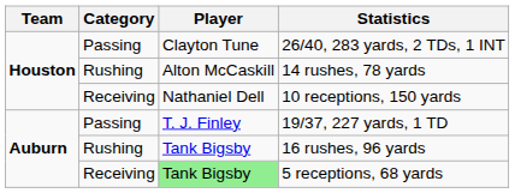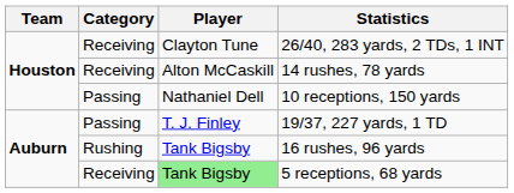 <table class="wikitable" style="float: left;">
 <tr>
 <th>Team</th>
 <th>Category</th>
 <th>Player</th>
 <th>Statistics</th>
 </tr>
 <tr>
 <td rowspan=3><strong>Houston</strong></td>
-<td>Passing</td>
+<td>Receiving</td>
 <td>Clayton Tune</td>
 <td>26/40, 283 yards, 2 TDs, 1 INT</td>
 </tr>
 <tr>
-<td>Rushing</td>
+<td>Receiving</td>
 <td>Alton McCaskill</td>
 <td>14 rushes, 78 yards</td>
 </tr>
 <tr>
-<td>Receiving</td>
+<td>Passing</td>
 <td>Nathaniel Dell</td>
 <td>10 receptions, 150 yards</td>
 </tr>
 <tr>
 <td rowspan=3><strong>Auburn</strong></td>
 <td>Passing</td>
 <td><a href='#'>T. J. Finley</a></td>
 <td>19/37, 227 yards, 1 TD</td>
 </tr>
 <tr>
 <td>Rushing</td>
 <td><a href='#'>Tank Bigsby</a></td>
 <td>16 rushes, 96 yards</td>
 </tr>
 <tr>
 <td>Receiving</td>
 <td style="background: lightgreen;">Tank Bigsby</td>
 <td>5 receptions, 68 yards</td>
 </tr>
 </table>
